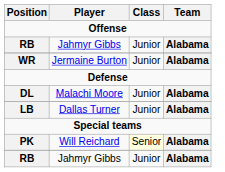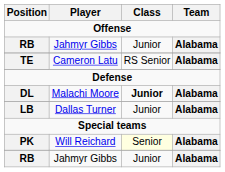 <table class="wikitable">
 <tr>
 <th>Position</th>
 <th>Player</th>
 <th>Class</th>
 <th>Team</th>
 </tr>
 <tr>
 <td colspan="4" style="text-align:center; "><strong>Offense</strong></td>
 </tr>
 <tr style="text-align:center;">
 <th rowspan="1">RB</th>
 <td><a href='#'>Jahmyr Gibbs</a></td>
 <td>Junior</td>
 <th style=>Alabama</th>
 </tr>
 <tr>
 </tr>
+<tr style="text-align:center;">
+<th rowspan="1">TE</th>
+<td><a href='#'>Cameron Latu</a></td>
+<td>RS Senior</td>
+<th style=>Alabama</th>
+</tr>
 <tr>
-</tr>
-<tr style="text-align:center;">
-<th rowspan="1">WR</th>
-<td><a href='#'>Jermaine Burton</a></td>
-<td>Junior</td>
-<th style=>Alabama</th>
 </tr>
 <tr>
 <td colspan="4" style="text-align:center; "><strong>Defense</strong></td>
 </tr>
 <tr style="text-align:center;">
 <th rowspan="1">DL</th>
 <td><a href='#'>Malachi Moore</a></td>
-<td>Junior</td>
+<td><strong>Junior</strong></td>
 <th style=>Alabama</th>
 </tr>
 <tr>
 </tr>
 <tr style="text-align:center;">
 <th rowspan="1">LB</th>
 <td><a href='#'>Dallas Turner</a></td>
 <td>Junior</td>
 <th style=>Alabama</th>
 </tr>
 <tr>
 <td colspan="4" style="text-align:center; "><strong>Special teams</strong></td>
 </tr>
 <tr style="text-align:center;">
 <th rowspan="1">PK</th>
 <td><a href='#'>Will Reichard</a></td>
 <td style="background: lightyellow;">Senior</td>
 <th style=>Alabama</th>
 </tr>
 <tr>
 </tr>
 <tr style="text-align:center;">
 <th rowspan="1">RB</th>
 <td>Jahmyr Gibbs</td>
 <td>Junior</td>
 <th style=>Alabama</th>
 </tr>
 </table>
